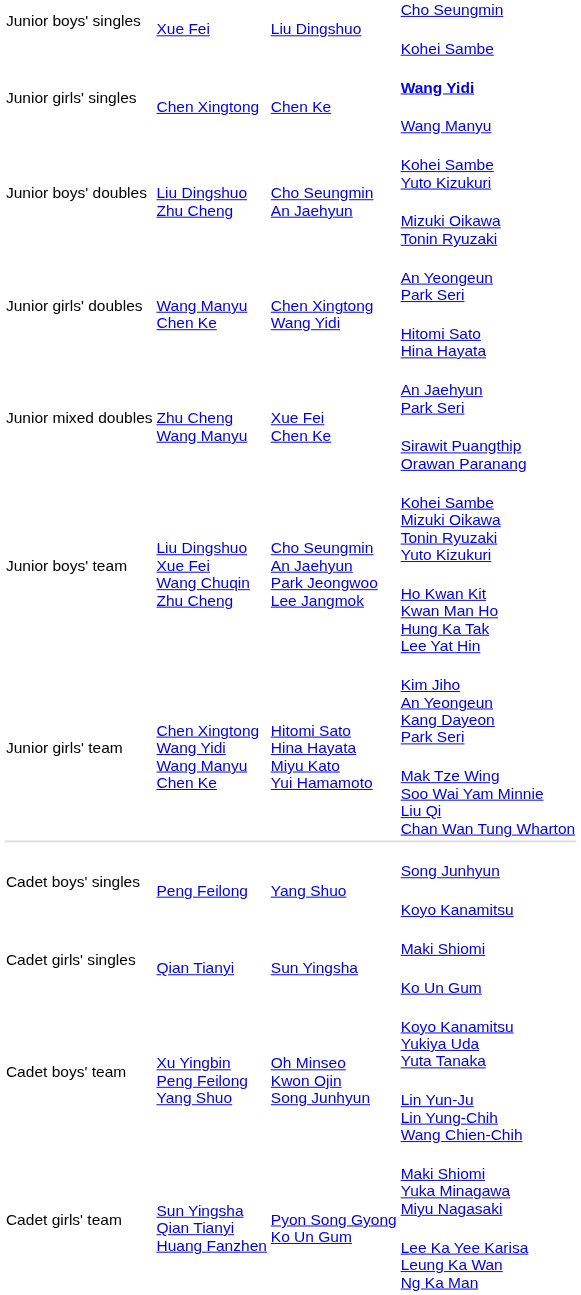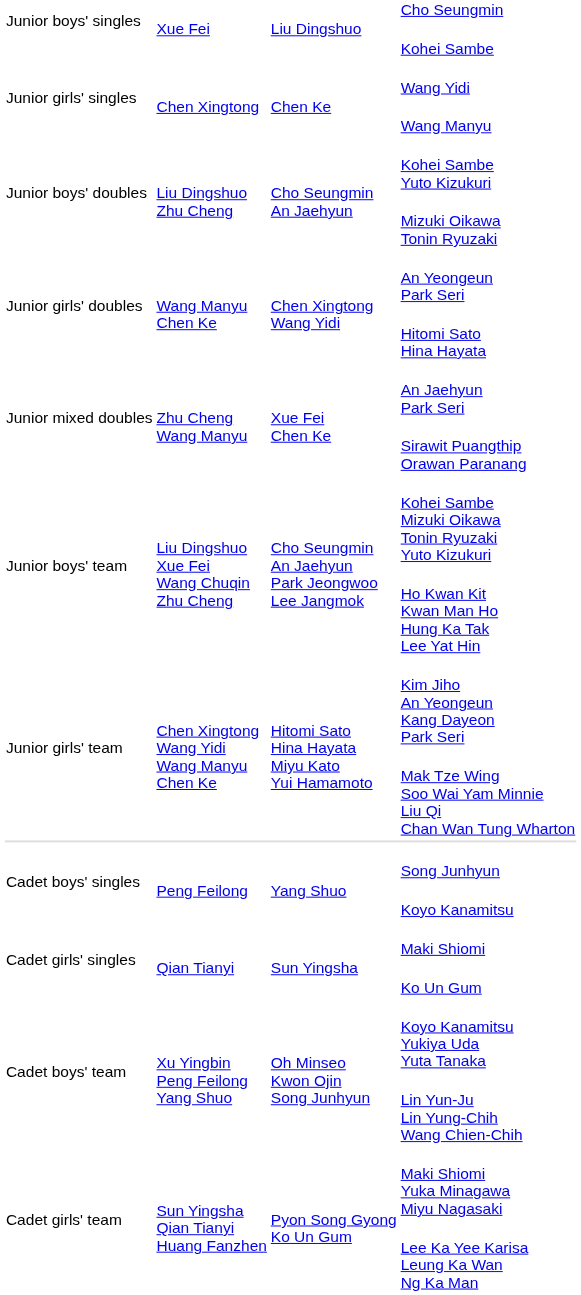 <table>
 <tr>
 <td rowspan=2>Junior boys' singles</td>
 <td rowspan=2><br><a href='#'>Xue Fei</a></td>
 <td rowspan=2><br><a href='#'>Liu Dingshuo</a></td>
 <td><br><a href='#'>Cho Seungmin</a></td>
 </tr>
 <tr>
 <td><br><a href='#'>Kohei Sambe</a></td>
 </tr>
 <tr>
 <td rowspan=2>Junior girls' singles</td>
 <td rowspan=2><br><a href='#'>Chen Xingtong</a></td>
 <td rowspan=2><br><a href='#'>Chen Ke</a></td>
-<td><strong><br><a href='#'>Wang Yidi</a></strong></td>
+<td><br><a href='#'>Wang Yidi</a></td>
 </tr>
 <tr>
 <td><br><a href='#'>Wang Manyu</a></td>
 </tr>
 <tr>
 <td rowspan=2>Junior boys' doubles</td>
 <td rowspan=2><br><a href='#'>Liu Dingshuo</a><br><a href='#'>Zhu Cheng</a></td>
 <td rowspan=2><br><a href='#'>Cho Seungmin</a><br><a href='#'>An Jaehyun</a></td>
 <td><br><a href='#'>Kohei Sambe</a><br><a href='#'>Yuto Kizukuri</a></td>
 </tr>
 <tr>
 <td><br><a href='#'>Mizuki Oikawa</a><br><a href='#'>Tonin Ryuzaki</a></td>
 </tr>
 <tr>
 <td rowspan=2>Junior girls' doubles</td>
 <td rowspan=2><br><a href='#'>Wang Manyu</a><br><a href='#'>Chen Ke</a></td>
 <td rowspan=2><br><a href='#'>Chen Xingtong</a><br><a href='#'>Wang Yidi</a></td>
 <td><br><a href='#'>An Yeongeun</a><br><a href='#'>Park Seri</a></td>
 </tr>
 <tr>
 <td><br><a href='#'>Hitomi Sato</a><br><a href='#'>Hina Hayata</a></td>
 </tr>
 <tr>
 <td rowspan=2>Junior mixed doubles</td>
 <td rowspan=2><br><a href='#'>Zhu Cheng</a><br><a href='#'>Wang Manyu</a></td>
 <td rowspan=2><br><a href='#'>Xue Fei</a><br><a href='#'>Chen Ke</a></td>
 <td><br><a href='#'>An Jaehyun</a><br><a href='#'>Park Seri</a></td>
 </tr>
 <tr>
 <td><br><a href='#'>Sirawit Puangthip</a><br><a href='#'>Orawan Paranang</a></td>
 </tr>
 <tr>
 <td rowspan=2>Junior boys' team</td>
 <td rowspan=2><br><a href='#'>Liu Dingshuo</a><br><a href='#'>Xue Fei</a><br><a href='#'>Wang Chuqin</a><br><a href='#'>Zhu Cheng</a></td>
 <td rowspan=2><br><a href='#'>Cho Seungmin</a><br><a href='#'>An Jaehyun</a><br><a href='#'>Park Jeongwoo</a><br><a href='#'>Lee Jangmok</a></td>
 <td><br><a href='#'>Kohei Sambe</a><br><a href='#'>Mizuki Oikawa</a><br><a href='#'>Tonin Ryuzaki</a><br><a href='#'>Yuto Kizukuri</a></td>
 </tr>
 <tr>
 <td><br><a href='#'>Ho Kwan Kit </a><br><a href='#'>Kwan Man Ho</a><br><a href='#'>Hung Ka Tak</a><br><a href='#'>Lee Yat Hin</a></td>
 </tr>
 <tr>
 <td rowspan=2>Junior girls' team</td>
 <td rowspan=2><br><a href='#'>Chen Xingtong</a><br><a href='#'>Wang Yidi</a><br><a href='#'>Wang Manyu</a><br><a href='#'>Chen Ke</a></td>
 <td rowspan=2><br><a href='#'>Hitomi Sato</a><br><a href='#'>Hina Hayata</a><br><a href='#'>Miyu Kato</a><br><a href='#'>Yui Hamamoto</a></td>
 <td><br><a href='#'>Kim Jiho</a><br><a href='#'>An Yeongeun</a><br><a href='#'>Kang Dayeon</a><br><a href='#'>Park Seri</a></td>
 </tr>
 <tr>
 <td><br><a href='#'>Mak Tze Wing</a><br><a href='#'>Soo Wai Yam Minnie</a><br><a href='#'>Liu Qi</a><br><a href='#'>Chan Wan Tung Wharton</a></td>
 </tr>
 <tr style="background:#dddddd;">
 <td colspan=7></td>
 </tr>
 <tr>
 <td rowspan=2>Cadet boys' singles</td>
 <td rowspan=2><br><a href='#'>Peng Feilong</a></td>
 <td rowspan=2><br><a href='#'>Yang Shuo</a></td>
 <td><br><a href='#'>Song Junhyun</a></td>
 </tr>
 <tr>
 <td><br><a href='#'>Koyo Kanamitsu</a></td>
 </tr>
 <tr>
 <td rowspan=2>Cadet girls' singles</td>
 <td rowspan=2><br><a href='#'>Qian Tianyi</a></td>
 <td rowspan=2><br><a href='#'>Sun Yingsha</a></td>
 <td><br><a href='#'>Maki Shiomi</a></td>
 </tr>
 <tr>
 <td><br><a href='#'>Ko Un Gum</a></td>
 </tr>
 <tr>
 <td rowspan=2>Cadet boys' team</td>
 <td rowspan=2><br><a href='#'>Xu Yingbin</a><br><a href='#'>Peng Feilong</a><br><a href='#'>Yang Shuo</a></td>
 <td rowspan=2><br><a href='#'>Oh Minseo</a><br><a href='#'>Kwon Ojin</a><br><a href='#'>Song Junhyun</a></td>
 <td><br><a href='#'>Koyo Kanamitsu</a><br><a href='#'>Yukiya Uda</a><br><a href='#'>Yuta Tanaka</a></td>
 </tr>
 <tr>
 <td><br><a href='#'>Lin Yun-Ju</a><br><a href='#'>Lin Yung-Chih</a><br><a href='#'>Wang Chien-Chih</a></td>
 </tr>
 <tr>
 <td rowspan=2>Cadet girls' team</td>
 <td rowspan=2><br><a href='#'>Sun Yingsha</a><br><a href='#'>Qian Tianyi</a><br><a href='#'>Huang Fanzhen</a></td>
 <td rowspan=2><br><a href='#'>Pyon Song Gyong</a><br><a href='#'>Ko Un Gum</a></td>
 <td><br><a href='#'>Maki Shiomi</a><br><a href='#'>Yuka Minagawa</a><br><a href='#'>Miyu Nagasaki</a></td>
 </tr>
 <tr>
 <td><br><a href='#'>Lee Ka Yee Karisa</a><br><a href='#'>Leung Ka Wan</a><br><a href='#'>Ng Ka Man</a></td>
 </tr>
 </table>
